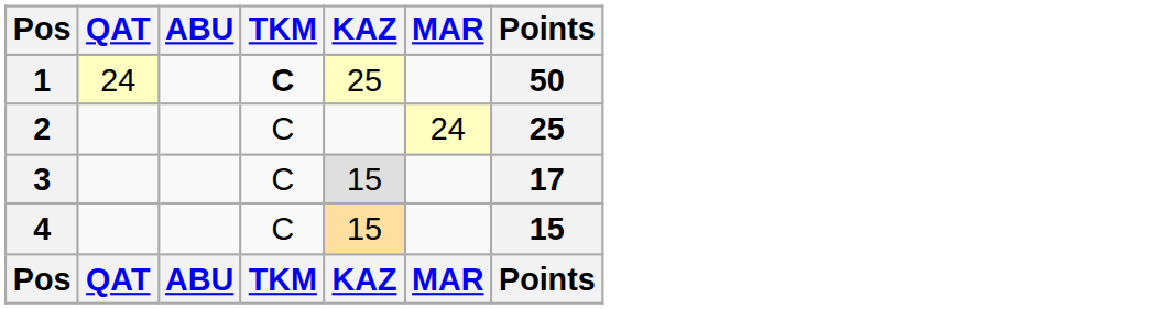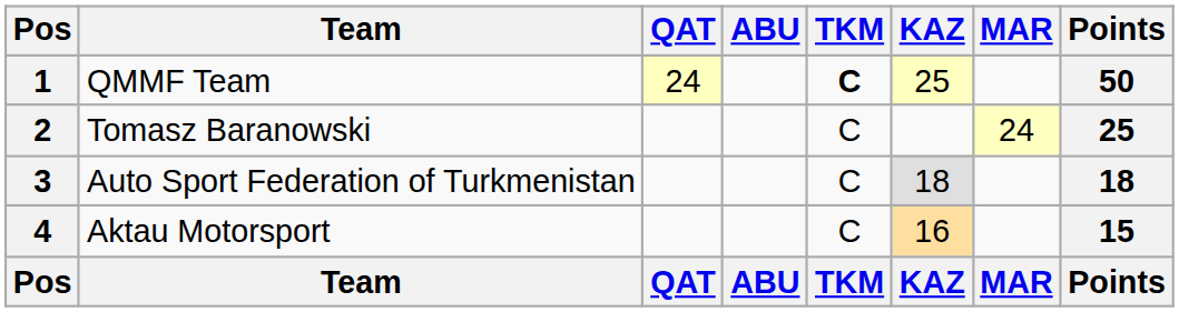 <table class="wikitable" style="font-size: 85%; text-align: center; display: inline-table;">
 <tr valign="top">
 <th valign="middle">Pos</th>
+<th valign="middle">Team</th>
 <th><a href='#'>QAT</a><br></th>
 <th><a href='#'>ABU</a><br></th>
 <th><a href='#'>TKM</a><br></th>
 <th><a href='#'>KAZ</a><br></th>
 <th><a href='#'>MAR</a><br></th>
 <th valign="middle">Points</th>
 </tr>
 <tr>
 <th>1</th>
+<td align=left> QMMF Team</td>
 <td style="background:#ffffbf;">24</td>
 <td></td>
 <td><strong>C</strong></td>
 <td style="background:#ffffbf;">25</td>
 <td></td>
 <th>50</th>
 </tr>
 <tr>
 <th>2</th>
+<td align=left> Tomasz Baranowski</td>
 <td></td>
 <td></td>
 <td>C</td>
 <td></td>
 <td style="background:#ffffbf;">24</td>
 <th>25</th>
 </tr>
 <tr>
 <th>3</th>
+<td align=left> Auto Sport Federation of Turkmenistan</td>
 <td></td>
 <td></td>
 <td>C</td>
-<td style="background:#dfdfdf;">15</td>
+<td style="background:#dfdfdf;">18</td>
 <td></td>
-<th>17</th>
+<th>18</th>
 </tr>
 <tr>
 <th>4</th>
+<td align=left> Aktau Motorsport</td>
 <td></td>
 <td></td>
 <td>C</td>
-<td style="background:#ffdf9f;">15</td>
+<td style="background:#ffdf9f;">16</td>
 <td></td>
 <th>15</th>
 </tr>
 <tr valign="top">
 <th valign="middle">Pos</th>
+<th valign="middle">Team</th>
 <th><a href='#'>QAT</a><br></th>
 <th><a href='#'>ABU</a><br></th>
 <th><a href='#'>TKM</a><br></th>
 <th><a href='#'>KAZ</a><br></th>
 <th><a href='#'>MAR</a><br></th>
 <th valign="middle">Points</th>
 </tr>
 </table>
